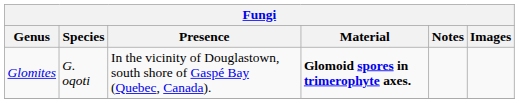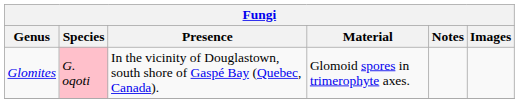 <table class="wikitable" align="center">
 <tr>
 <th colspan="6" align="center"><strong><a href='#'>Fungi</a></strong></th>
 </tr>
 <tr>
 <th>Genus</th>
 <th>Species</th>
 <th>Presence</th>
 <th><strong>Material</strong></th>
 <th>Notes</th>
 <th>Images</th>
 </tr>
 <tr>
 <td><em><a href='#'>Glomites</a></em></td>
-<td><em>G. oqoti</em></td>
+<td style="background: pink;"><em>G. oqoti</em></td>
 <td>In the vicinity of Douglastown, south shore of <a href='#'>Gaspé Bay</a> (<a href='#'>Quebec</a>, <a href='#'>Canada</a>).</td>
-<td><strong>Glomoid <a href='#'>spores</a> in <a href='#'>trimerophyte</a> axes.</strong></td>
+<td>Glomoid <a href='#'>spores</a> in <a href='#'>trimerophyte</a> axes.</td>
 <td></td>
 <td></td>
 </tr>
 <tr>
 </tr>
 </table>
